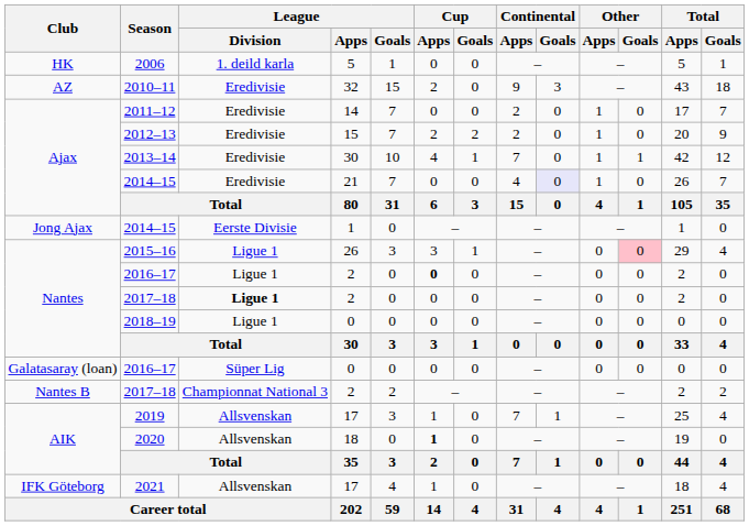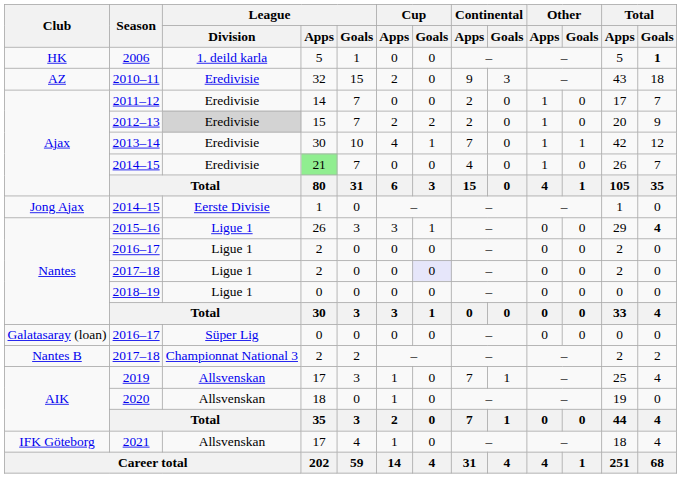 <table class="wikitable" style="text-align:center">
 <tr>
 <th rowspan="2">Club</th>
 <th rowspan="2">Season</th>
 <th colspan="3">League</th>
 <th colspan="2">Cup</th>
 <th colspan="2">Continental</th>
 <th colspan="2">Other</th>
 <th colspan="2">Total</th>
 </tr>
 <tr>
 <th>Division</th>
 <th>Apps</th>
 <th>Goals</th>
 <th>Apps</th>
 <th>Goals</th>
 <th>Apps</th>
 <th>Goals</th>
 <th>Apps</th>
 <th>Goals</th>
 <th>Apps</th>
 <th>Goals</th>
 </tr>
 <tr>
 <td><a href='#'>HK</a></td>
 <td><a href='#'>2006</a></td>
 <td><a href='#'>1. deild karla</a></td>
 <td>5</td>
 <td>1</td>
 <td>0</td>
 <td>0</td>
 <td colspan="2">–</td>
 <td colspan="2">–</td>
 <td>5</td>
-<td>1</td>
+<td><strong>1</strong></td>
 </tr>
 <tr>
 <td><a href='#'>AZ</a></td>
 <td><a href='#'>2010–11</a></td>
 <td><a href='#'>Eredivisie</a></td>
 <td>32</td>
 <td>15</td>
 <td>2</td>
 <td>0</td>
 <td>9</td>
 <td>3</td>
 <td colspan="2">–</td>
 <td>43</td>
 <td>18</td>
 </tr>
 <tr>
 <td rowspan="5"><a href='#'>Ajax</a></td>
 <td><a href='#'>2011–12</a></td>
 <td>Eredivisie</td>
 <td>14</td>
 <td>7</td>
 <td>0</td>
 <td>0</td>
 <td>2</td>
 <td>0</td>
 <td>1</td>
 <td>0</td>
 <td>17</td>
 <td>7</td>
 </tr>
 <tr>
 <td><a href='#'>2012–13</a></td>
-<td>Eredivisie</td>
+<td style="background: lightgrey;">Eredivisie</td>
 <td>15</td>
 <td>7</td>
 <td>2</td>
 <td>2</td>
 <td>2</td>
 <td>0</td>
 <td>1</td>
 <td>0</td>
 <td>20</td>
 <td>9</td>
 </tr>
 <tr>
 <td><a href='#'>2013–14</a></td>
 <td>Eredivisie</td>
 <td>30</td>
 <td>10</td>
 <td>4</td>
 <td>1</td>
 <td>7</td>
 <td>0</td>
 <td>1</td>
 <td>1</td>
 <td>42</td>
 <td>12</td>
 </tr>
 <tr>
 <td><a href='#'>2014–15</a></td>
 <td>Eredivisie</td>
-<td>21</td>
+<td style="background: lightgreen;">21</td>
 <td>7</td>
 <td>0</td>
 <td>0</td>
 <td>4</td>
-<td style="background: lavender;">0</td>
+<td>0</td>
 <td>1</td>
 <td>0</td>
 <td>26</td>
 <td>7</td>
 </tr>
 <tr>
 <th colspan="2">Total</th>
 <th>80</th>
 <th>31</th>
 <th>6</th>
 <th>3</th>
 <th>15</th>
 <th>0</th>
 <th>4</th>
 <th>1</th>
 <th>105</th>
 <th>35</th>
 </tr>
 <tr>
 <td><a href='#'>Jong Ajax</a></td>
 <td><a href='#'>2014–15</a></td>
 <td><a href='#'>Eerste Divisie</a></td>
 <td>1</td>
 <td>0</td>
 <td colspan="2">–</td>
 <td colspan="2">–</td>
 <td colspan="2">–</td>
 <td>1</td>
 <td>0</td>
 </tr>
 <tr>
 <td rowspan="5"><a href='#'>Nantes</a></td>
 <td><a href='#'>2015–16</a></td>
 <td><a href='#'>Ligue 1</a></td>
 <td>26</td>
 <td>3</td>
 <td>3</td>
 <td>1</td>
 <td colspan="2">–</td>
 <td>0</td>
-<td style="background: pink;">0</td>
+<td>0</td>
 <td>29</td>
-<td>4</td>
+<td><strong>4</strong></td>
 </tr>
 <tr>
 <td><a href='#'>2016–17</a></td>
 <td>Ligue 1</td>
 <td>2</td>
 <td>0</td>
-<td><strong>0</strong></td>
+<td>0</td>
 <td>0</td>
 <td colspan="2">–</td>
 <td>0</td>
 <td>0</td>
 <td>2</td>
 <td>0</td>
 </tr>
 <tr>
 <td><a href='#'>2017–18</a></td>
-<td><strong>Ligue 1</strong></td>
+<td>Ligue 1</td>
 <td>2</td>
 <td>0</td>
 <td>0</td>
-<td>0</td>
+<td style="background: lavender;">0</td>
 <td colspan="2">–</td>
 <td>0</td>
 <td>0</td>
 <td>2</td>
 <td>0</td>
 </tr>
 <tr>
 <td><a href='#'>2018–19</a></td>
 <td>Ligue 1</td>
 <td>0</td>
 <td>0</td>
 <td>0</td>
 <td>0</td>
 <td colspan="2">–</td>
 <td>0</td>
 <td>0</td>
 <td>0</td>
 <td>0</td>
 </tr>
 <tr>
 <th colspan="2">Total</th>
 <th>30</th>
 <th>3</th>
 <th>3</th>
 <th>1</th>
 <th>0</th>
 <th>0</th>
 <th>0</th>
 <th>0</th>
 <th>33</th>
 <th>4</th>
 </tr>
 <tr>
 <td><a href='#'>Galatasaray</a> (loan)</td>
 <td><a href='#'>2016–17</a></td>
 <td><a href='#'>Süper Lig</a></td>
 <td>0</td>
 <td>0</td>
 <td>0</td>
 <td>0</td>
 <td colspan="2">–</td>
 <td>0</td>
 <td>0</td>
 <td>0</td>
 <td>0</td>
 </tr>
 <tr>
 <td><a href='#'>Nantes B</a></td>
 <td><a href='#'>2017–18</a></td>
 <td><a href='#'>Championnat National 3</a></td>
 <td>2</td>
 <td>2</td>
 <td colspan="2">–</td>
 <td colspan="2">–</td>
 <td colspan="2">–</td>
 <td>2</td>
 <td>2</td>
 </tr>
 <tr>
 <td rowspan="3"><a href='#'>AIK</a></td>
 <td><a href='#'>2019</a></td>
 <td><a href='#'>Allsvenskan</a></td>
 <td>17</td>
 <td>3</td>
 <td>1</td>
 <td>0</td>
 <td>7</td>
 <td>1</td>
 <td colspan="2">–</td>
 <td>25</td>
 <td>4</td>
 </tr>
 <tr>
 <td><a href='#'>2020</a></td>
 <td>Allsvenskan</td>
 <td>18</td>
 <td>0</td>
-<td><strong>1</strong></td>
+<td>1</td>
 <td>0</td>
 <td colspan="2">–</td>
 <td colspan="2">–</td>
 <td>19</td>
 <td>0</td>
 </tr>
 <tr>
 <th colspan="2">Total</th>
 <th>35</th>
 <th>3</th>
 <th>2</th>
 <th>0</th>
 <th>7</th>
 <th>1</th>
 <th>0</th>
 <th>0</th>
 <th>44</th>
 <th>4</th>
 </tr>
 <tr>
 <td><a href='#'>IFK Göteborg</a></td>
 <td><a href='#'>2021</a></td>
 <td>Allsvenskan</td>
 <td>17</td>
 <td>4</td>
 <td>1</td>
 <td>0</td>
 <td colspan="2">–</td>
 <td colspan="2">–</td>
 <td>18</td>
 <td>4</td>
 </tr>
 <tr>
 <th colspan="3">Career total</th>
 <th>202</th>
 <th>59</th>
 <th>14</th>
 <th>4</th>
 <th>31</th>
 <th>4</th>
 <th>4</th>
 <th>1</th>
 <th>251</th>
 <th>68</th>
 </tr>
 </table>
